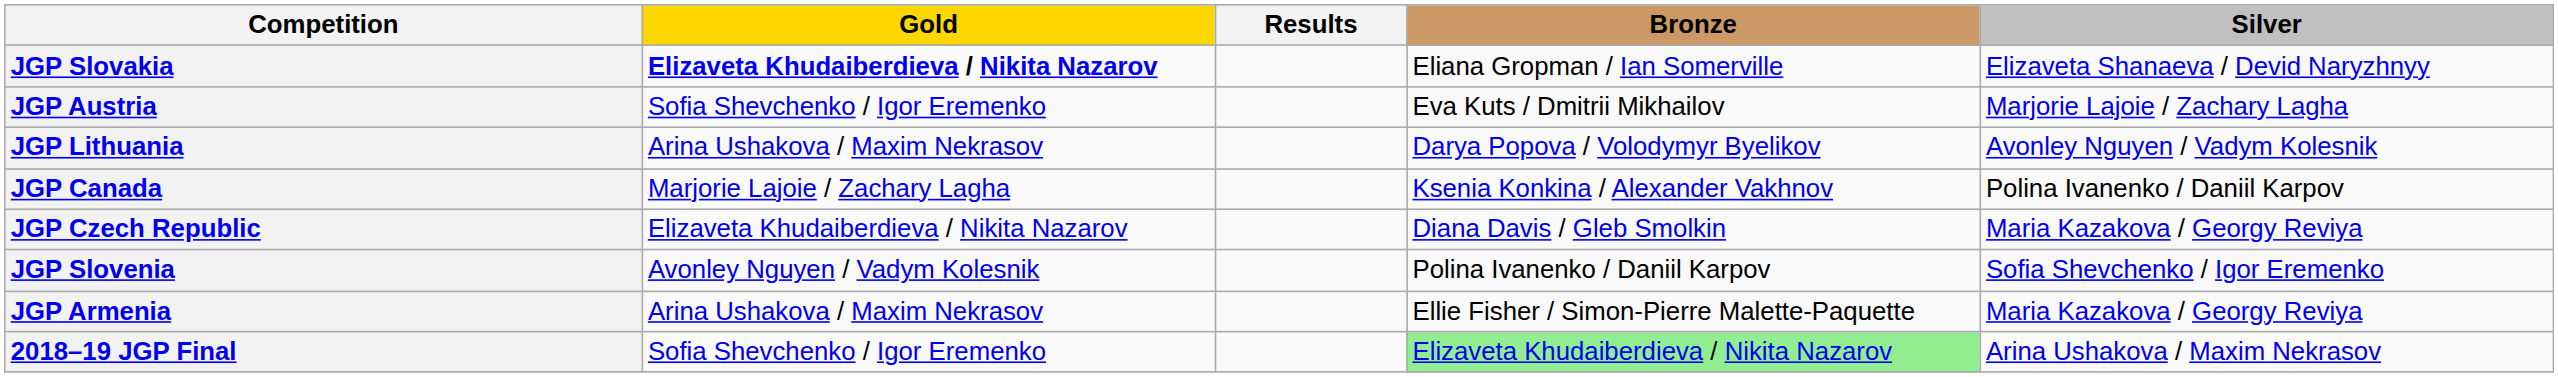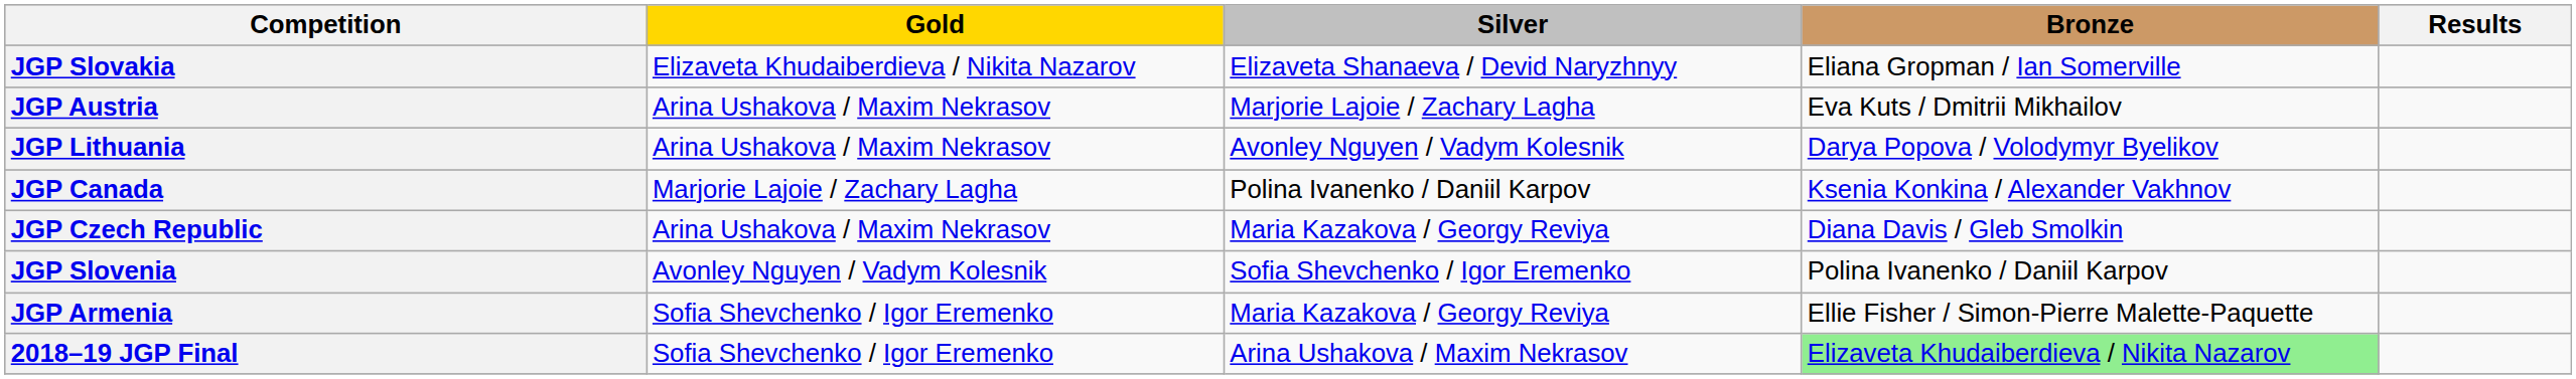 <table class="wikitable unsortable" style="text-align:left; width:100%">
 <tr>
 <th scope="col" style="text-align:center; width:25%;">Competition</th>
 <td scope="col" style="text-align:center; width:22.5%; background:gold"><strong>Gold</strong></td>
+<td scope="col" style="text-align:center; width:22.5%; background:silver"><strong>Silver</strong></td>
+<td scope="col" style="text-align:center; width:22.5%; background:#c96"><strong>Bronze</strong></td>
 <th scope="col" style="text-align:center; width:7.5%;">Results</th>
-<td scope="col" style="text-align:center; width:22.5%; background:#c96"><strong>Bronze</strong></td>
-<td scope="col" style="text-align:center; width:22.5%; background:silver"><strong>Silver</strong></td>
 </tr>
 <tr>
 <th scope="row" style="text-align:left"> <a href='#'>JGP Slovakia</a></th>
-<td><strong> <a href='#'>Elizaveta Khudaiberdieva</a> / <a href='#'>Nikita Nazarov</a></strong></td>
+<td> <a href='#'>Elizaveta Khudaiberdieva</a> / <a href='#'>Nikita Nazarov</a></td>
+<td> <a href='#'>Elizaveta Shanaeva</a> / <a href='#'>Devid Naryzhnyy</a></td>
+<td> Eliana Gropman / <a href='#'>Ian Somerville</a></td>
 <td></td>
-<td> Eliana Gropman / <a href='#'>Ian Somerville</a></td>
-<td> <a href='#'>Elizaveta Shanaeva</a> / <a href='#'>Devid Naryzhnyy</a></td>
 </tr>
 <tr>
 <th scope="row" style="text-align:left"> <a href='#'>JGP Austria</a></th>
-<td> <a href='#'>Sofia Shevchenko</a> / <a href='#'>Igor Eremenko</a></td>
+<td> <a href='#'>Arina Ushakova</a> / <a href='#'>Maxim Nekrasov</a></td>
+<td> <a href='#'>Marjorie Lajoie</a> / <a href='#'>Zachary Lagha</a></td>
+<td> Eva Kuts / Dmitrii Mikhailov</td>
 <td></td>
-<td> Eva Kuts / Dmitrii Mikhailov</td>
-<td> <a href='#'>Marjorie Lajoie</a> / <a href='#'>Zachary Lagha</a></td>
 </tr>
 <tr>
 <th scope="row" style="text-align:left"> <a href='#'>JGP Lithuania</a></th>
 <td> <a href='#'>Arina Ushakova</a> / <a href='#'>Maxim Nekrasov</a></td>
+<td> <a href='#'>Avonley Nguyen</a> / <a href='#'>Vadym Kolesnik</a></td>
+<td> <a href='#'>Darya Popova</a> / <a href='#'>Volodymyr Byelikov</a></td>
 <td></td>
-<td> <a href='#'>Darya Popova</a> / <a href='#'>Volodymyr Byelikov</a></td>
-<td> <a href='#'>Avonley Nguyen</a> / <a href='#'>Vadym Kolesnik</a></td>
 </tr>
 <tr>
 <th scope="row" style="text-align:left"> <a href='#'>JGP Canada</a></th>
 <td> <a href='#'>Marjorie Lajoie</a> / <a href='#'>Zachary Lagha</a></td>
+<td> Polina Ivanenko / Daniil Karpov</td>
+<td> <a href='#'>Ksenia Konkina</a> / <a href='#'>Alexander Vakhnov</a></td>
 <td></td>
-<td> <a href='#'>Ksenia Konkina</a> / <a href='#'>Alexander Vakhnov</a></td>
-<td> Polina Ivanenko / Daniil Karpov</td>
 </tr>
 <tr>
 <th scope="row" style="text-align:left"> <a href='#'>JGP Czech Republic</a></th>
-<td> <a href='#'>Elizaveta Khudaiberdieva</a> / <a href='#'>Nikita Nazarov</a></td>
+<td> <a href='#'>Arina Ushakova</a> / <a href='#'>Maxim Nekrasov</a></td>
+<td> <a href='#'>Maria Kazakova</a> / <a href='#'>Georgy Reviya</a></td>
+<td> <a href='#'>Diana Davis</a> / <a href='#'>Gleb Smolkin</a></td>
 <td></td>
-<td> <a href='#'>Diana Davis</a> / <a href='#'>Gleb Smolkin</a></td>
-<td> <a href='#'>Maria Kazakova</a> / <a href='#'>Georgy Reviya</a></td>
 </tr>
 <tr>
 <th scope="row" style="text-align:left"> <a href='#'>JGP Slovenia</a></th>
 <td> <a href='#'>Avonley Nguyen</a> / <a href='#'>Vadym Kolesnik</a></td>
+<td> <a href='#'>Sofia Shevchenko</a> / <a href='#'>Igor Eremenko</a></td>
+<td> Polina Ivanenko / Daniil Karpov</td>
 <td></td>
-<td> Polina Ivanenko / Daniil Karpov</td>
-<td> <a href='#'>Sofia Shevchenko</a> / <a href='#'>Igor Eremenko</a></td>
 </tr>
 <tr>
 <th scope="row" style="text-align:left"> <a href='#'>JGP Armenia</a></th>
-<td> <a href='#'>Arina Ushakova</a> / <a href='#'>Maxim Nekrasov</a></td>
+<td> <a href='#'>Sofia Shevchenko</a> / <a href='#'>Igor Eremenko</a></td>
+<td> <a href='#'>Maria Kazakova</a> / <a href='#'>Georgy Reviya</a></td>
+<td> Ellie Fisher / Simon-Pierre Malette-Paquette</td>
 <td></td>
-<td> Ellie Fisher / Simon-Pierre Malette-Paquette</td>
-<td> <a href='#'>Maria Kazakova</a> / <a href='#'>Georgy Reviya</a></td>
 </tr>
 <tr>
 <th scope="row" style="text-align:left"> <a href='#'>2018–19 JGP Final</a></th>
 <td> <a href='#'>Sofia Shevchenko</a> / <a href='#'>Igor Eremenko</a></td>
+<td> <a href='#'>Arina Ushakova</a> / <a href='#'>Maxim Nekrasov</a></td>
+<td style="background: lightgreen;"> <a href='#'>Elizaveta Khudaiberdieva</a> / <a href='#'>Nikita Nazarov</a></td>
 <td></td>
-<td style="background: lightgreen;"> <a href='#'>Elizaveta Khudaiberdieva</a> / <a href='#'>Nikita Nazarov</a></td>
-<td> <a href='#'>Arina Ushakova</a> / <a href='#'>Maxim Nekrasov</a></td>
 </tr>
 </table>
